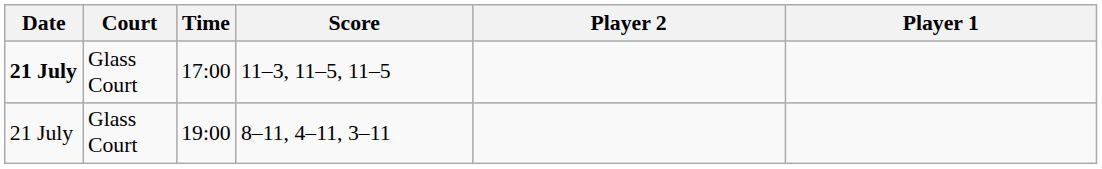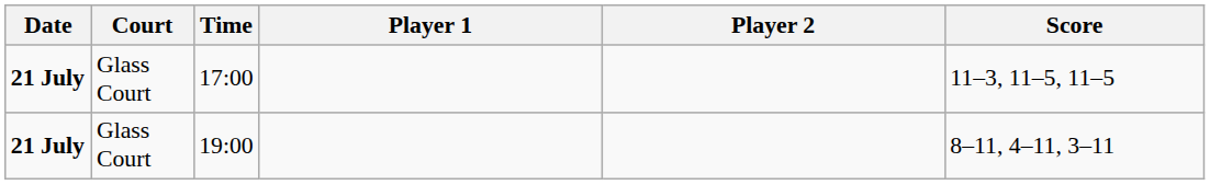 <table class="sortable wikitable" style="font-size:90%">
 <tr>
 <th width="45" class="unsortable">Date</th>
 <th width="55">Court</th>
 <th width="30">Time</th>
+<th width="200">Player 1</th>
+<th width="200">Player 2</th>
 <th width="150" class="unsortable">Score</th>
-<th width="200">Player 2</th>
-<th width="200">Player 1</th>
 </tr>
 <tr>
 <td><strong>21 July</strong></td>
 <td>Glass Court</td>
 <td>17:00</td>
+<td><strong></strong></td>
+<td></td>
 <td>11–3, 11–5, 11–5</td>
+</tr>
+<tr>
+<td><strong>21 July</strong></td>
+<td>Glass Court</td>
+<td>19:00</td>
 <td></td>
 <td><strong></strong></td>
-</tr>
-<tr>
-<td>21 July</td>
-<td>Glass Court</td>
-<td>19:00</td>
 <td>8–11, 4–11, 3–11</td>
-<td><strong></strong></td>
-<td></td>
 </tr>
 </table>
